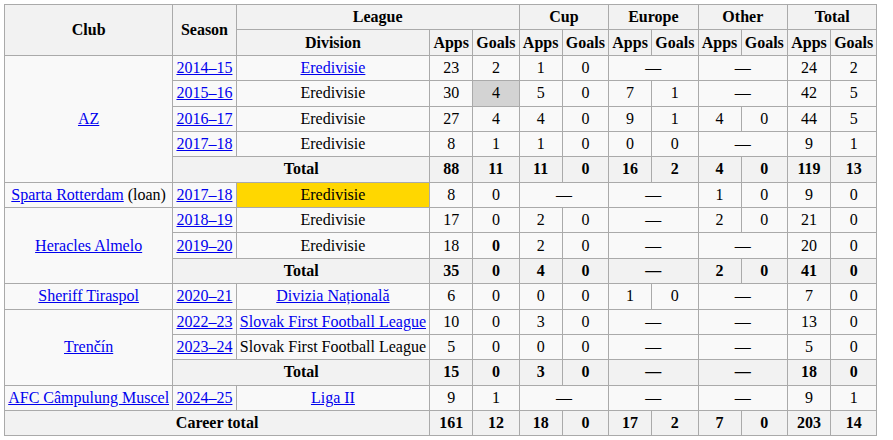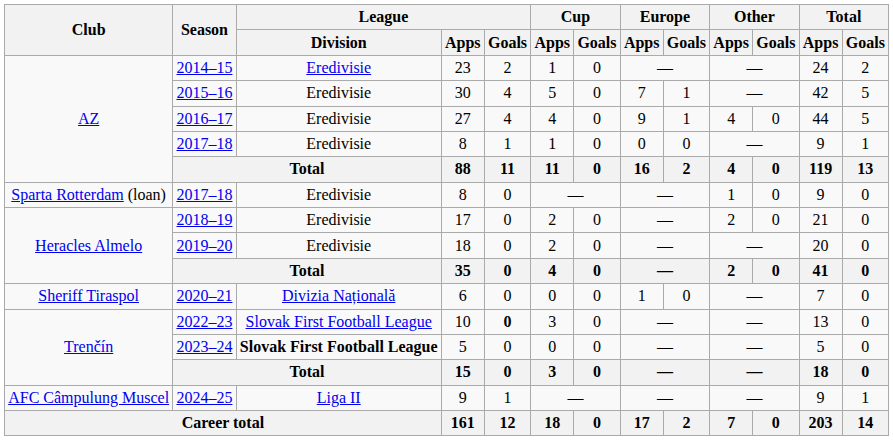 <table class="wikitable" style="text-align:center">
 <tr>
 <th rowspan="2">Club</th>
 <th rowspan="2">Season</th>
 <th colspan="3">League</th>
 <th colspan="2">Cup</th>
 <th colspan="2">Europe</th>
 <th colspan="2">Other</th>
 <th colspan="2">Total</th>
 </tr>
 <tr>
 <th>Division</th>
 <th>Apps</th>
 <th>Goals</th>
 <th>Apps</th>
 <th>Goals</th>
 <th>Apps</th>
 <th>Goals</th>
 <th>Apps</th>
 <th>Goals</th>
 <th>Apps</th>
 <th>Goals</th>
 </tr>
 <tr>
 <td rowspan="5"><a href='#'>AZ</a></td>
 <td><a href='#'>2014–15</a></td>
 <td><a href='#'>Eredivisie</a></td>
 <td>23</td>
 <td>2</td>
 <td>1</td>
 <td>0</td>
 <td colspan="2">—</td>
 <td colspan="2">—</td>
 <td>24</td>
 <td>2</td>
 </tr>
 <tr>
 <td><a href='#'>2015–16</a></td>
 <td>Eredivisie</td>
 <td>30</td>
-<td style="background: lightgrey;">4</td>
+<td>4</td>
 <td>5</td>
 <td>0</td>
 <td>7</td>
 <td>1</td>
 <td colspan="2">—</td>
 <td>42</td>
 <td>5</td>
 </tr>
 <tr>
 <td><a href='#'>2016–17</a></td>
 <td>Eredivisie</td>
 <td>27</td>
 <td>4</td>
 <td>4</td>
 <td>0</td>
 <td>9</td>
 <td>1</td>
 <td>4</td>
 <td>0</td>
 <td>44</td>
 <td>5</td>
 </tr>
 <tr>
 <td><a href='#'>2017–18</a></td>
 <td>Eredivisie</td>
 <td>8</td>
 <td>1</td>
 <td>1</td>
 <td>0</td>
 <td>0</td>
 <td>0</td>
 <td colspan="2">—</td>
 <td>9</td>
 <td>1</td>
 </tr>
 <tr>
 <th colspan="2">Total</th>
 <th>88</th>
 <th>11</th>
 <th>11</th>
 <th>0</th>
 <th>16</th>
 <th>2</th>
 <th>4</th>
 <th>0</th>
 <th>119</th>
 <th>13</th>
 </tr>
 <tr>
 <td><a href='#'>Sparta Rotterdam</a> (loan)</td>
 <td><a href='#'>2017–18</a></td>
-<td style="background: gold;">Eredivisie</td>
+<td>Eredivisie</td>
 <td>8</td>
 <td>0</td>
 <td colspan="2">—</td>
 <td colspan="2">—</td>
 <td>1</td>
 <td>0</td>
 <td>9</td>
 <td>0</td>
 </tr>
 <tr>
 <td rowspan="3"><a href='#'>Heracles Almelo</a></td>
 <td><a href='#'>2018–19</a></td>
 <td>Eredivisie</td>
 <td>17</td>
 <td>0</td>
 <td>2</td>
 <td>0</td>
 <td colspan="2">—</td>
 <td>2</td>
 <td>0</td>
 <td>21</td>
 <td>0</td>
 </tr>
 <tr>
 <td><a href='#'>2019–20</a></td>
 <td>Eredivisie</td>
 <td>18</td>
-<td><strong>0</strong></td>
+<td>0</td>
 <td>2</td>
 <td>0</td>
 <td colspan="2">—</td>
 <td colspan="2">—</td>
 <td>20</td>
 <td>0</td>
 </tr>
 <tr>
 <th colspan="2">Total</th>
 <th>35</th>
 <th>0</th>
 <th>4</th>
 <th>0</th>
 <th colspan="2">—</th>
 <th>2</th>
 <th>0</th>
 <th>41</th>
 <th>0</th>
 </tr>
 <tr>
 <td><a href='#'>Sheriff Tiraspol</a></td>
 <td><a href='#'>2020–21</a></td>
 <td><a href='#'>Divizia Națională</a></td>
 <td>6</td>
 <td>0</td>
 <td>0</td>
 <td>0</td>
 <td>1</td>
 <td>0</td>
 <td colspan="2">—</td>
 <td>7</td>
 <td>0</td>
 </tr>
 <tr>
 <td rowspan="3"><a href='#'>Trenčín</a></td>
 <td><a href='#'>2022–23</a></td>
 <td><a href='#'>Slovak First Football League</a></td>
 <td>10</td>
-<td>0</td>
+<td><strong>0</strong></td>
 <td>3</td>
 <td>0</td>
 <td colspan="2">—</td>
 <td colspan="2">—</td>
 <td>13</td>
 <td>0</td>
 </tr>
 <tr>
 <td><a href='#'>2023–24</a></td>
-<td>Slovak First Football League</td>
+<td><strong>Slovak First Football League</strong></td>
 <td>5</td>
 <td>0</td>
 <td>0</td>
 <td>0</td>
 <td colspan="2">—</td>
 <td colspan="2">—</td>
 <td>5</td>
 <td>0</td>
 </tr>
 <tr>
 <th colspan="2">Total</th>
 <th>15</th>
 <th>0</th>
 <th>3</th>
 <th>0</th>
 <th colspan="2">—</th>
 <th colspan="2">—</th>
 <th>18</th>
 <th>0</th>
 </tr>
 <tr>
 <td rowspan="1"><a href='#'>AFC Câmpulung Muscel</a></td>
 <td><a href='#'>2024–25</a></td>
 <td><a href='#'>Liga II</a></td>
 <td>9</td>
 <td>1</td>
 <td colspan="2">—</td>
 <td colspan="2">—</td>
 <td colspan="2">—</td>
 <td>9</td>
 <td>1</td>
 </tr>
 <tr>
 <th colspan="3">Career total</th>
 <th>161</th>
 <th>12</th>
 <th>18</th>
 <th>0</th>
 <th>17</th>
 <th>2</th>
 <th>7</th>
 <th>0</th>
 <th>203</th>
 <th>14</th>
 </tr>
 </table>
